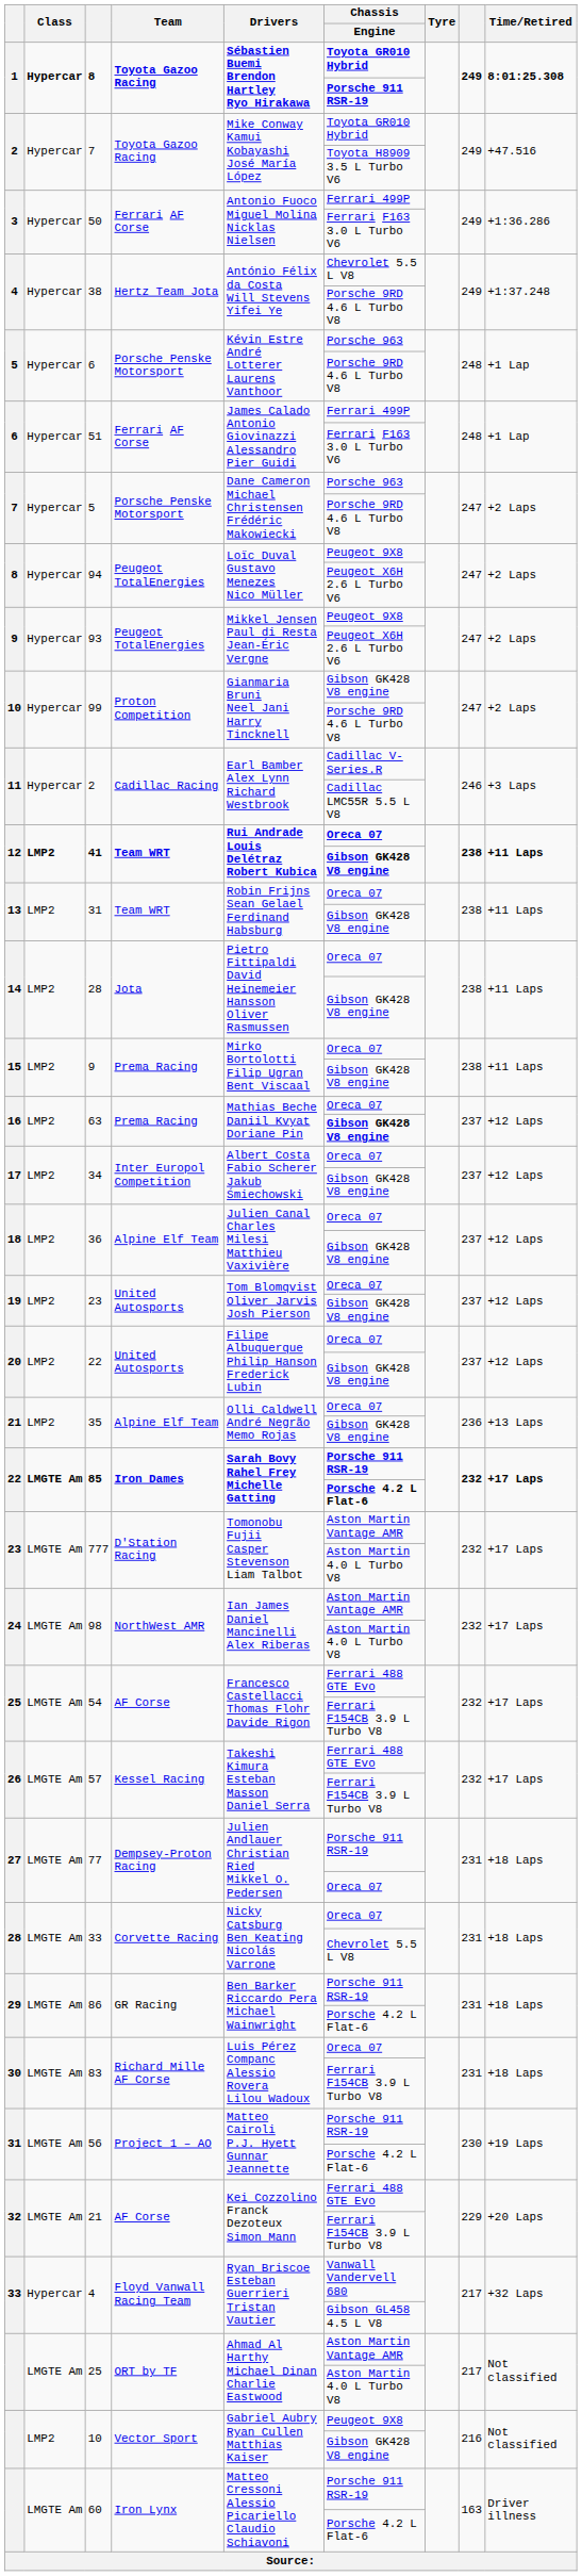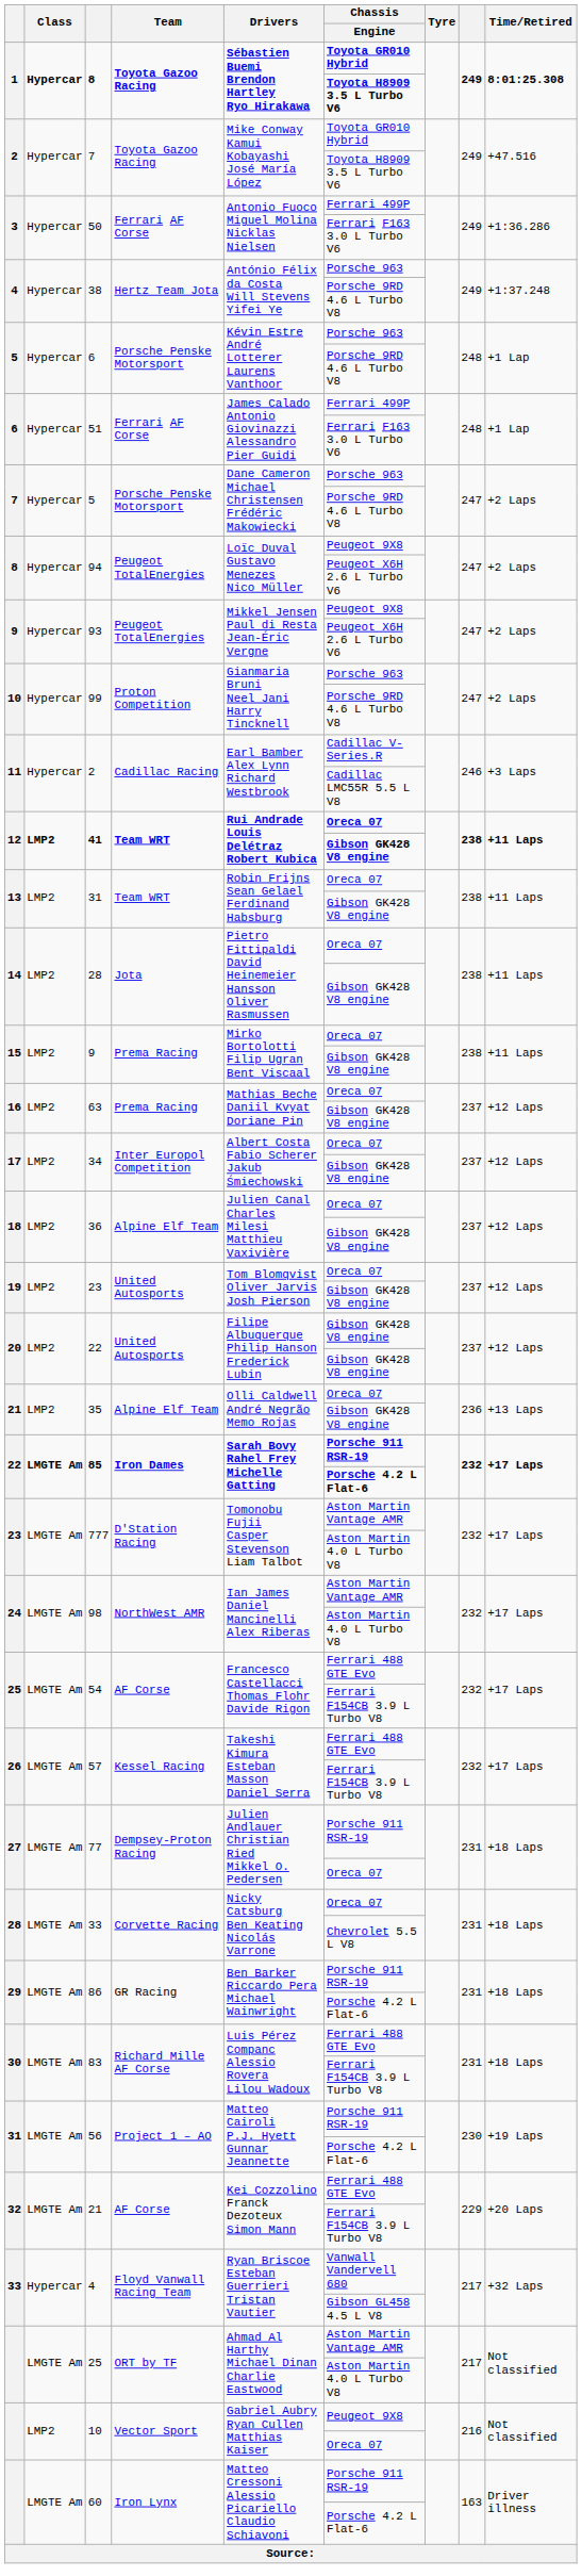 <table class="wikitable" style="font-size:95%;">
 <tr>
 <th rowspan=2></th>
 <th rowspan=2>Class</th>
 <th rowspan=2></th>
 <th rowspan=2>Team</th>
 <th rowspan=2>Drivers</th>
 <th>Chassis</th>
 <th rowspan=2>Tyre</th>
 <th rowspan=2></th>
 <th rowspan=2>Time/Retired</th>
 </tr>
 <tr style="font-weight:bold;">
 <th>Engine</th>
 </tr>
 <tr style="font-weight:bold;">
 <th rowspan=2>1</th>
 <td rowspan=2>Hypercar</td>
 <td rowspan=2>8</td>
 <td rowspan=2> <a href='#'>Toyota Gazoo Racing</a></td>
 <td rowspan=2> <a href='#'>Sébastien Buemi</a><br> <a href='#'>Brendon Hartley</a><br> <a href='#'>Ryo Hirakawa</a></td>
 <td><a href='#'>Toyota GR010 Hybrid</a></td>
 <td rowspan=2></td>
 <td rowspan=2>249</td>
 <td rowspan=2>8:01:25.308</td>
 </tr>
 <tr style="font-weight:bold;">
-<td><a href='#'>Porsche 911 RSR-19</a></td>
+<td><a href='#'>Toyota H8909</a> 3.5 L Turbo V6</td>
 </tr>
 <tr>
 <th rowspan=2>2</th>
 <td rowspan=2>Hypercar</td>
 <td rowspan=2>7</td>
 <td rowspan=2> <a href='#'>Toyota Gazoo Racing</a></td>
 <td rowspan=2> <a href='#'>Mike Conway</a><br> <a href='#'>Kamui Kobayashi</a><br> <a href='#'>José María López</a></td>
 <td><a href='#'>Toyota GR010 Hybrid</a></td>
 <td rowspan=2></td>
 <td rowspan=2>249</td>
 <td rowspan=2>+47.516</td>
 </tr>
 <tr>
 <td><a href='#'>Toyota H8909</a> 3.5 L Turbo V6</td>
 </tr>
 <tr>
 <th rowspan=2>3</th>
 <td rowspan=2>Hypercar</td>
 <td rowspan=2>50</td>
 <td rowspan=2> <a href='#'>Ferrari</a> <a href='#'>AF Corse</a></td>
 <td rowspan=2> <a href='#'>Antonio Fuoco</a><br> <a href='#'>Miguel Molina</a><br> <a href='#'>Nicklas Nielsen</a></td>
 <td><a href='#'>Ferrari 499P</a></td>
 <td rowspan=2></td>
 <td rowspan=2>249</td>
 <td rowspan=2>+1:36.286</td>
 </tr>
 <tr>
 <td><a href='#'>Ferrari</a> <a href='#'>F163</a> 3.0 L Turbo V6</td>
 </tr>
 <tr>
 <th rowspan=2>4</th>
 <td rowspan=2>Hypercar</td>
 <td rowspan=2>38</td>
 <td rowspan=2> <a href='#'>Hertz Team Jota</a></td>
 <td rowspan=2> <a href='#'>António Félix da Costa</a><br> <a href='#'>Will Stevens</a><br> <a href='#'>Yifei Ye</a></td>
-<td><a href='#'>Chevrolet</a> 5.5 L V8</td>
+<td><a href='#'>Porsche 963</a></td>
 <td rowspan=2></td>
 <td rowspan=2>249</td>
 <td rowspan=2>+1:37.248</td>
 </tr>
 <tr>
 <td><a href='#'>Porsche 9RD</a> 4.6 L Turbo V8</td>
 </tr>
 <tr>
 <th rowspan=2>5</th>
 <td rowspan=2>Hypercar</td>
 <td rowspan=2>6</td>
 <td rowspan=2> <a href='#'>Porsche Penske Motorsport</a></td>
 <td rowspan=2> <a href='#'>Kévin Estre</a><br> <a href='#'>André Lotterer</a><br> <a href='#'>Laurens Vanthoor</a></td>
 <td><a href='#'>Porsche 963</a></td>
 <td rowspan=2></td>
 <td rowspan=2>248</td>
 <td rowspan=2>+1 Lap</td>
 </tr>
 <tr>
 <td><a href='#'>Porsche 9RD</a> 4.6 L Turbo V8</td>
 </tr>
 <tr>
 <th rowspan=2>6</th>
 <td rowspan=2>Hypercar</td>
 <td rowspan=2>51</td>
 <td rowspan=2> <a href='#'>Ferrari</a> <a href='#'>AF Corse</a></td>
 <td rowspan=2> <a href='#'>James Calado</a><br> <a href='#'>Antonio Giovinazzi</a><br> <a href='#'>Alessandro Pier Guidi</a></td>
 <td><a href='#'>Ferrari 499P</a></td>
 <td rowspan=2></td>
 <td rowspan=2>248</td>
 <td rowspan=2>+1 Lap</td>
 </tr>
 <tr>
 <td><a href='#'>Ferrari</a> <a href='#'>F163</a> 3.0 L Turbo V6</td>
 </tr>
 <tr>
 <th rowspan=2>7</th>
 <td rowspan=2>Hypercar</td>
 <td rowspan=2>5</td>
 <td rowspan=2> <a href='#'>Porsche Penske Motorsport</a></td>
 <td rowspan=2> <a href='#'>Dane Cameron</a><br> <a href='#'>Michael Christensen</a><br> <a href='#'>Frédéric Makowiecki</a></td>
 <td><a href='#'>Porsche 963</a></td>
 <td rowspan=2></td>
 <td rowspan=2>247</td>
 <td rowspan=2>+2 Laps</td>
 </tr>
 <tr>
 <td><a href='#'>Porsche 9RD</a> 4.6 L Turbo V8</td>
 </tr>
 <tr>
 <th rowspan=2>8</th>
 <td rowspan=2>Hypercar</td>
 <td rowspan=2>94</td>
 <td rowspan=2> <a href='#'>Peugeot TotalEnergies</a></td>
 <td rowspan=2> <a href='#'>Loïc Duval</a><br> <a href='#'>Gustavo Menezes</a><br> <a href='#'>Nico Müller</a></td>
 <td><a href='#'>Peugeot 9X8</a></td>
 <td rowspan=2></td>
 <td rowspan=2>247</td>
 <td rowspan=2>+2 Laps</td>
 </tr>
 <tr>
 <td><a href='#'>Peugeot X6H</a> 2.6 L Turbo V6</td>
 </tr>
 <tr>
 <th rowspan=2>9</th>
 <td rowspan=2>Hypercar</td>
 <td rowspan=2>93</td>
 <td rowspan=2> <a href='#'>Peugeot TotalEnergies</a></td>
 <td rowspan=2> <a href='#'>Mikkel Jensen</a><br> <a href='#'>Paul di Resta</a><br> <a href='#'>Jean-Éric Vergne</a></td>
 <td><a href='#'>Peugeot 9X8</a></td>
 <td rowspan=2></td>
 <td rowspan=2>247</td>
 <td rowspan=2>+2 Laps</td>
 </tr>
 <tr>
 <td><a href='#'>Peugeot X6H</a> 2.6 L Turbo V6</td>
 </tr>
 <tr>
 <th rowspan=2>10</th>
 <td rowspan=2>Hypercar</td>
 <td rowspan=2>99</td>
 <td rowspan=2> <a href='#'>Proton Competition</a></td>
 <td rowspan=2> <a href='#'>Gianmaria Bruni</a><br> <a href='#'>Neel Jani</a><br> <a href='#'>Harry Tincknell</a></td>
-<td><a href='#'>Gibson</a> GK428 <a href='#'>V8 engine</a></td>
+<td><a href='#'>Porsche 963</a></td>
 <td rowspan=2></td>
 <td rowspan=2>247</td>
 <td rowspan=2>+2 Laps</td>
 </tr>
 <tr>
 <td><a href='#'>Porsche 9RD</a> 4.6 L Turbo V8</td>
 </tr>
 <tr>
 <th rowspan=2>11</th>
 <td rowspan=2>Hypercar</td>
 <td rowspan=2>2</td>
 <td rowspan=2> <a href='#'>Cadillac Racing</a></td>
 <td rowspan=2> <a href='#'>Earl Bamber</a><br> <a href='#'>Alex Lynn</a><br> <a href='#'>Richard Westbrook</a></td>
 <td><a href='#'>Cadillac V-Series.R</a></td>
 <td rowspan=2></td>
 <td rowspan=2>246</td>
 <td rowspan=2>+3 Laps</td>
 </tr>
 <tr>
 <td><a href='#'>Cadillac</a> LMC55R 5.5 L V8</td>
 </tr>
 <tr style="font-weight:bold;">
 <th rowspan=2>12</th>
 <td rowspan=2>LMP2</td>
 <td rowspan=2>41</td>
 <td rowspan=2> <a href='#'>Team WRT</a></td>
 <td rowspan=2> <a href='#'>Rui Andrade</a><br> <a href='#'>Louis Delétraz</a><br> <a href='#'>Robert Kubica</a></td>
 <td><a href='#'>Oreca 07</a></td>
 <td rowspan=2></td>
 <td rowspan=2>238</td>
 <td rowspan=2>+11 Laps</td>
 </tr>
 <tr style="font-weight:bold;">
 <td><a href='#'>Gibson</a> GK428 <a href='#'>V8 engine</a></td>
 </tr>
 <tr>
 <th rowspan=2>13</th>
 <td rowspan=2>LMP2</td>
 <td rowspan=2>31</td>
 <td rowspan=2> <a href='#'>Team WRT</a></td>
 <td rowspan=2> <a href='#'>Robin Frijns</a><br> <a href='#'>Sean Gelael</a><br> <a href='#'>Ferdinand Habsburg</a></td>
 <td><a href='#'>Oreca 07</a></td>
 <td rowspan=2></td>
 <td rowspan=2>238</td>
 <td rowspan=2>+11 Laps</td>
 </tr>
 <tr>
 <td><a href='#'>Gibson</a> GK428 <a href='#'>V8 engine</a></td>
 </tr>
 <tr>
 <th rowspan=2>14</th>
 <td rowspan=2>LMP2</td>
 <td rowspan=2>28</td>
 <td rowspan=2> <a href='#'>Jota</a></td>
 <td rowspan=2> <a href='#'>Pietro Fittipaldi</a><br> <a href='#'>David Heinemeier Hansson</a><br> <a href='#'>Oliver Rasmussen</a></td>
 <td><a href='#'>Oreca 07</a></td>
 <td rowspan=2></td>
 <td rowspan=2>238</td>
 <td rowspan=2>+11 Laps</td>
 </tr>
 <tr>
 <td><a href='#'>Gibson</a> GK428 <a href='#'>V8 engine</a></td>
 </tr>
 <tr>
 <th rowspan=2>15</th>
 <td rowspan=2>LMP2</td>
 <td rowspan=2>9</td>
 <td rowspan=2> <a href='#'>Prema Racing</a></td>
 <td rowspan=2> <a href='#'>Mirko Bortolotti</a><br> <a href='#'>Filip Ugran</a><br> <a href='#'>Bent Viscaal</a></td>
 <td><a href='#'>Oreca 07</a></td>
 <td rowspan=2></td>
 <td rowspan=2>238</td>
 <td rowspan=2>+11 Laps</td>
 </tr>
 <tr>
 <td><a href='#'>Gibson</a> GK428 <a href='#'>V8 engine</a></td>
 </tr>
 <tr>
 <th rowspan=2>16</th>
 <td rowspan=2>LMP2</td>
 <td rowspan=2>63</td>
 <td rowspan=2> <a href='#'>Prema Racing</a></td>
 <td rowspan=2> <a href='#'>Mathias Beche</a><br> <a href='#'>Daniil Kvyat</a><br> <a href='#'>Doriane Pin</a></td>
 <td><a href='#'>Oreca 07</a></td>
 <td rowspan=2></td>
 <td rowspan=2>237</td>
 <td rowspan=2>+12 Laps</td>
 </tr>
 <tr>
-<td><strong><a href='#'>Gibson</a> GK428 <a href='#'>V8 engine</a></strong></td>
+<td><a href='#'>Gibson</a> GK428 <a href='#'>V8 engine</a></td>
 </tr>
 <tr>
 <th rowspan=2>17</th>
 <td rowspan=2>LMP2</td>
 <td rowspan=2>34</td>
 <td rowspan=2> <a href='#'>Inter Europol Competition</a></td>
 <td rowspan=2> <a href='#'>Albert Costa</a><br> <a href='#'>Fabio Scherer</a><br> <a href='#'>Jakub Śmiechowski</a></td>
 <td><a href='#'>Oreca 07</a></td>
 <td rowspan=2></td>
 <td rowspan=2>237</td>
 <td rowspan=2>+12 Laps</td>
 </tr>
 <tr>
 <td><a href='#'>Gibson</a> GK428 <a href='#'>V8 engine</a></td>
 </tr>
 <tr>
 <th rowspan=2>18</th>
 <td rowspan=2>LMP2</td>
 <td rowspan=2>36</td>
 <td rowspan=2> <a href='#'>Alpine Elf Team</a></td>
 <td rowspan=2> <a href='#'>Julien Canal</a><br> <a href='#'>Charles Milesi</a><br> <a href='#'>Matthieu Vaxivière</a></td>
 <td><a href='#'>Oreca 07</a></td>
 <td rowspan=2></td>
 <td rowspan=2>237</td>
 <td rowspan=2>+12 Laps</td>
 </tr>
 <tr>
 <td><a href='#'>Gibson</a> GK428 <a href='#'>V8 engine</a></td>
 </tr>
 <tr>
 <th rowspan=2>19</th>
 <td rowspan=2>LMP2</td>
 <td rowspan=2>23</td>
 <td rowspan=2> <a href='#'>United Autosports</a></td>
 <td rowspan=2> <a href='#'>Tom Blomqvist</a><br> <a href='#'>Oliver Jarvis</a><br> <a href='#'>Josh Pierson</a></td>
 <td><a href='#'>Oreca 07</a></td>
 <td rowspan=2></td>
 <td rowspan=2>237</td>
 <td rowspan=2>+12 Laps</td>
 </tr>
 <tr>
 <td><a href='#'>Gibson</a> GK428 <a href='#'>V8 engine</a></td>
 </tr>
 <tr>
 <th rowspan=2>20</th>
 <td rowspan=2>LMP2</td>
 <td rowspan=2>22</td>
 <td rowspan=2> <a href='#'>United Autosports</a></td>
 <td rowspan=2> <a href='#'>Filipe Albuquerque</a><br> <a href='#'>Philip Hanson</a><br> <a href='#'>Frederick Lubin</a></td>
-<td><a href='#'>Oreca 07</a></td>
+<td><a href='#'>Gibson</a> GK428 <a href='#'>V8 engine</a></td>
 <td rowspan=2></td>
 <td rowspan=2>237</td>
 <td rowspan=2>+12 Laps</td>
 </tr>
 <tr>
 <td><a href='#'>Gibson</a> GK428 <a href='#'>V8 engine</a></td>
 </tr>
 <tr>
 <th rowspan=2>21</th>
 <td rowspan=2>LMP2</td>
 <td rowspan=2>35</td>
 <td rowspan=2> <a href='#'>Alpine Elf Team</a></td>
 <td rowspan=2> <a href='#'>Olli Caldwell</a><br> <a href='#'>André Negrão</a><br> <a href='#'>Memo Rojas</a></td>
 <td><a href='#'>Oreca 07</a></td>
 <td rowspan=2></td>
 <td rowspan=2>236</td>
 <td rowspan=2>+13 Laps</td>
 </tr>
 <tr>
 <td><a href='#'>Gibson</a> GK428 <a href='#'>V8 engine</a></td>
 </tr>
 <tr style="font-weight:bold;">
 <th rowspan=2>22</th>
 <td rowspan=2>LMGTE Am</td>
 <td rowspan=2>85</td>
 <td rowspan=2> <a href='#'>Iron Dames</a></td>
 <td rowspan=2> <a href='#'>Sarah Bovy</a><br> <a href='#'>Rahel Frey</a><br> <a href='#'>Michelle Gatting</a></td>
 <td><a href='#'>Porsche 911 RSR-19</a></td>
 <td rowspan=2></td>
 <td rowspan=2>232</td>
 <td rowspan=2>+17 Laps</td>
 </tr>
 <tr style="font-weight:bold;">
 <td><a href='#'>Porsche</a> 4.2 L Flat-6</td>
 </tr>
 <tr>
 <th rowspan=2>23</th>
 <td rowspan=2>LMGTE Am</td>
 <td rowspan=2>777</td>
 <td rowspan=2> <a href='#'>D'Station Racing</a></td>
 <td rowspan=2> <a href='#'>Tomonobu Fujii</a><br> <a href='#'>Casper Stevenson</a><br> Liam Talbot</td>
 <td><a href='#'>Aston Martin Vantage AMR</a></td>
 <td rowspan=2></td>
 <td rowspan=2>232</td>
 <td rowspan=2>+17 Laps</td>
 </tr>
 <tr>
 <td><a href='#'>Aston Martin</a> 4.0 L Turbo V8</td>
 </tr>
 <tr>
 <th rowspan=2>24</th>
 <td rowspan=2>LMGTE Am</td>
 <td rowspan=2>98</td>
 <td rowspan=2> <a href='#'>NorthWest AMR</a></td>
 <td rowspan=2> <a href='#'>Ian James</a><br> <a href='#'>Daniel Mancinelli</a><br> <a href='#'>Alex Riberas</a></td>
 <td><a href='#'>Aston Martin Vantage AMR</a></td>
 <td rowspan=2></td>
 <td rowspan=2>232</td>
 <td rowspan=2>+17 Laps</td>
 </tr>
 <tr>
 <td><a href='#'>Aston Martin</a> 4.0 L Turbo V8</td>
 </tr>
 <tr>
 <th rowspan=2>25</th>
 <td rowspan=2>LMGTE Am</td>
 <td rowspan=2>54</td>
 <td rowspan=2> <a href='#'>AF Corse</a></td>
 <td rowspan=2> <a href='#'>Francesco Castellacci</a><br> <a href='#'>Thomas Flohr</a><br> <a href='#'>Davide Rigon</a></td>
 <td><a href='#'>Ferrari 488 GTE Evo</a></td>
 <td rowspan=2></td>
 <td rowspan=2>232</td>
 <td rowspan=2>+17 Laps</td>
 </tr>
 <tr>
 <td><a href='#'>Ferrari</a> <a href='#'>F154CB</a> 3.9 L Turbo V8</td>
 </tr>
 <tr>
 <th rowspan=2>26</th>
 <td rowspan=2>LMGTE Am</td>
 <td rowspan=2>57</td>
 <td rowspan=2> <a href='#'>Kessel Racing</a></td>
 <td rowspan=2> <a href='#'>Takeshi Kimura</a><br> <a href='#'>Esteban Masson</a><br> <a href='#'>Daniel Serra</a></td>
 <td><a href='#'>Ferrari 488 GTE Evo</a></td>
 <td rowspan=2></td>
 <td rowspan=2>232</td>
 <td rowspan=2>+17 Laps</td>
 </tr>
 <tr>
 <td><a href='#'>Ferrari</a> <a href='#'>F154CB</a> 3.9 L Turbo V8</td>
 </tr>
 <tr>
 <th rowspan=2>27</th>
 <td rowspan=2>LMGTE Am</td>
 <td rowspan=2>77</td>
 <td rowspan=2> <a href='#'>Dempsey-Proton Racing</a></td>
 <td rowspan=2> <a href='#'>Julien Andlauer</a><br> <a href='#'>Christian Ried</a><br> <a href='#'>Mikkel O. Pedersen</a></td>
 <td><a href='#'>Porsche 911 RSR-19</a></td>
 <td rowspan=2></td>
 <td rowspan=2>231</td>
 <td rowspan=2>+18 Laps</td>
 </tr>
 <tr>
 <td><a href='#'>Oreca 07</a></td>
 </tr>
 <tr>
 <th rowspan=2>28</th>
 <td rowspan=2>LMGTE Am</td>
 <td rowspan=2>33</td>
 <td rowspan=2> <a href='#'>Corvette Racing</a></td>
 <td rowspan=2> <a href='#'>Nicky Catsburg</a><br> <a href='#'>Ben Keating</a><br> <a href='#'>Nicolás Varrone</a></td>
 <td><a href='#'>Oreca 07</a></td>
 <td rowspan=2></td>
 <td rowspan=2>231</td>
 <td rowspan=2>+18 Laps</td>
 </tr>
 <tr>
 <td><a href='#'>Chevrolet</a> 5.5 L V8</td>
 </tr>
 <tr>
 <th rowspan=2>29</th>
 <td rowspan=2>LMGTE Am</td>
 <td rowspan=2>86</td>
 <td rowspan=2> GR Racing</td>
 <td rowspan=2> <a href='#'>Ben Barker</a><br> <a href='#'>Riccardo Pera</a><br> <a href='#'>Michael Wainwright</a></td>
 <td><a href='#'>Porsche 911 RSR-19</a></td>
 <td rowspan=2></td>
 <td rowspan=2>231</td>
 <td rowspan=2>+18 Laps</td>
 </tr>
 <tr>
 <td><a href='#'>Porsche</a> 4.2 L Flat-6</td>
 </tr>
 <tr>
 <th rowspan=2>30</th>
 <td rowspan=2>LMGTE Am</td>
 <td rowspan=2>83</td>
 <td rowspan=2> <a href='#'>Richard Mille AF Corse</a></td>
 <td rowspan=2> <a href='#'>Luis Pérez Companc</a><br> <a href='#'>Alessio Rovera</a><br> <a href='#'>Lilou Wadoux</a></td>
-<td><a href='#'>Oreca 07</a></td>
+<td><a href='#'>Ferrari 488 GTE Evo</a></td>
 <td rowspan=2></td>
 <td rowspan=2>231</td>
 <td rowspan=2>+18 Laps</td>
 </tr>
 <tr>
 <td><a href='#'>Ferrari</a> <a href='#'>F154CB</a> 3.9 L Turbo V8</td>
 </tr>
 <tr>
 <th rowspan=2>31</th>
 <td rowspan=2>LMGTE Am</td>
 <td rowspan=2>56</td>
 <td rowspan=2> <a href='#'>Project 1 – AO</a></td>
 <td rowspan=2> <a href='#'>Matteo Cairoli</a><br> <a href='#'>P.J. Hyett</a><br> <a href='#'>Gunnar Jeannette</a></td>
 <td><a href='#'>Porsche 911 RSR-19</a></td>
 <td rowspan=2></td>
 <td rowspan=2>230</td>
 <td rowspan=2>+19 Laps</td>
 </tr>
 <tr>
 <td><a href='#'>Porsche</a> 4.2 L Flat-6</td>
 </tr>
 <tr>
 <th rowspan=2>32</th>
 <td rowspan=2>LMGTE Am</td>
 <td rowspan=2>21</td>
 <td rowspan=2> <a href='#'>AF Corse</a></td>
 <td rowspan=2> <a href='#'>Kei Cozzolino</a><br> Franck Dezoteux<br> <a href='#'>Simon Mann</a></td>
 <td><a href='#'>Ferrari 488 GTE Evo</a></td>
 <td rowspan=2></td>
 <td rowspan=2>229</td>
 <td rowspan=2>+20 Laps</td>
 </tr>
 <tr>
 <td><a href='#'>Ferrari</a> <a href='#'>F154CB</a> 3.9 L Turbo V8</td>
 </tr>
 <tr>
 <th rowspan=2>33</th>
 <td rowspan=2>Hypercar</td>
 <td rowspan=2>4</td>
 <td rowspan=2> <a href='#'>Floyd Vanwall Racing Team</a></td>
 <td rowspan=2> <a href='#'>Ryan Briscoe</a><br> <a href='#'>Esteban Guerrieri</a><br> <a href='#'>Tristan Vautier</a></td>
 <td><a href='#'>Vanwall Vandervell 680</a></td>
 <td rowspan=2></td>
 <td rowspan=2>217</td>
 <td rowspan=2>+32 Laps</td>
 </tr>
 <tr>
 <td><a href='#'>Gibson GL458</a> 4.5 L V8</td>
 </tr>
 <tr>
 <th rowspan=2></th>
 <td rowspan=2>LMGTE Am</td>
 <td rowspan=2>25</td>
 <td rowspan=2> <a href='#'>ORT by TF</a></td>
 <td rowspan=2> <a href='#'>Ahmad Al Harthy</a><br> <a href='#'>Michael Dinan</a><br> <a href='#'>Charlie Eastwood</a></td>
 <td><a href='#'>Aston Martin Vantage AMR</a></td>
 <td rowspan=2></td>
 <td rowspan=2>217</td>
 <td rowspan=2>Not classified</td>
 </tr>
 <tr>
 <td><a href='#'>Aston Martin</a> 4.0 L Turbo V8</td>
 </tr>
 <tr>
 <th rowspan=2></th>
 <td rowspan=2>LMP2</td>
 <td rowspan=2>10</td>
 <td rowspan=2> <a href='#'>Vector Sport</a></td>
 <td rowspan=2> <a href='#'>Gabriel Aubry</a><br> <a href='#'>Ryan Cullen</a><br> <a href='#'>Matthias Kaiser</a></td>
 <td><a href='#'>Peugeot 9X8</a></td>
 <td rowspan=2></td>
 <td rowspan=2>216</td>
 <td rowspan=2>Not classified</td>
 </tr>
 <tr>
-<td><a href='#'>Gibson</a> GK428 <a href='#'>V8 engine</a></td>
+<td><a href='#'>Oreca 07</a></td>
 </tr>
 <tr>
 <th rowspan=2></th>
 <td rowspan=2>LMGTE Am</td>
 <td rowspan=2>60</td>
 <td rowspan=2> <a href='#'>Iron Lynx</a></td>
 <td rowspan=2> <a href='#'>Matteo Cressoni</a><br> <a href='#'>Alessio Picariello</a><br> <a href='#'>Claudio Schiavoni</a></td>
 <td><a href='#'>Porsche 911 RSR-19</a></td>
 <td rowspan=2></td>
 <td rowspan=2>163</td>
 <td rowspan=2>Driver illness</td>
 </tr>
 <tr>
 <td><a href='#'>Porsche</a> 4.2 L Flat-6</td>
 </tr>
 <tr>
 <th colspan="9">Source:</th>
 </tr>
 </table>
